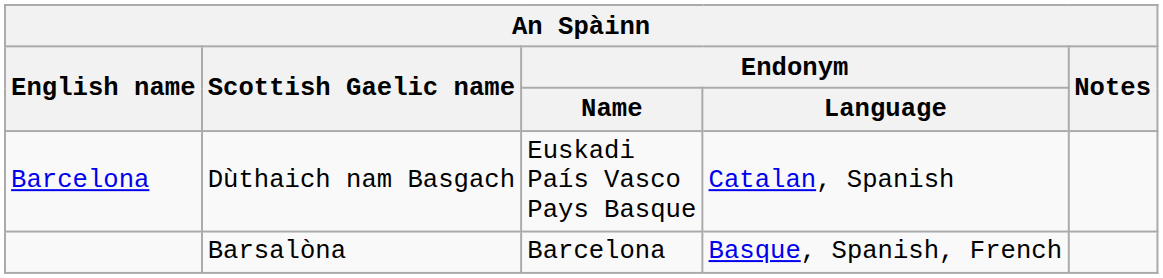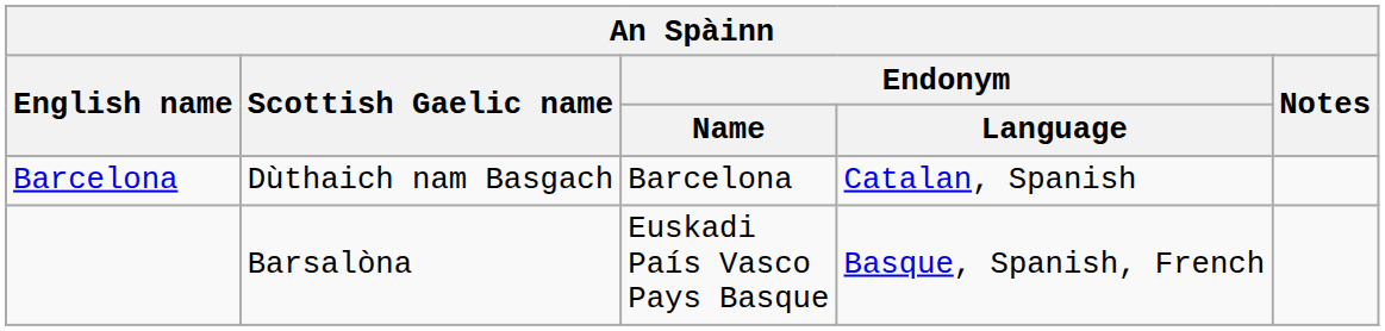 <table class="wikitable sortable">
 <tr>
 <th colspan="5"> An Spàinn</th>
 </tr>
 <tr>
 <th rowspan="2">English name</th>
 <th rowspan="2">Scottish Gaelic name</th>
 <th colspan="2">Endonym</th>
 <th rowspan="2">Notes</th>
 </tr>
 <tr>
 <th>Name</th>
 <th>Language</th>
 </tr>
 <tr>
 <td><a href='#'>Barcelona</a></td>
 <td>Dùthaich nam Basgach</td>
-<td>Euskadi<br>País Vasco<br>Pays Basque</td>
+<td>Barcelona</td>
 <td><a href='#'>Catalan</a>, Spanish</td>
 <td></td>
 </tr>
 <tr>
 <td></td>
 <td>Barsalòna</td>
-<td>Barcelona</td>
+<td>Euskadi<br>País Vasco<br>Pays Basque</td>
 <td><a href='#'>Basque</a>, Spanish, French</td>
 <td></td>
 </tr>
 </table>
